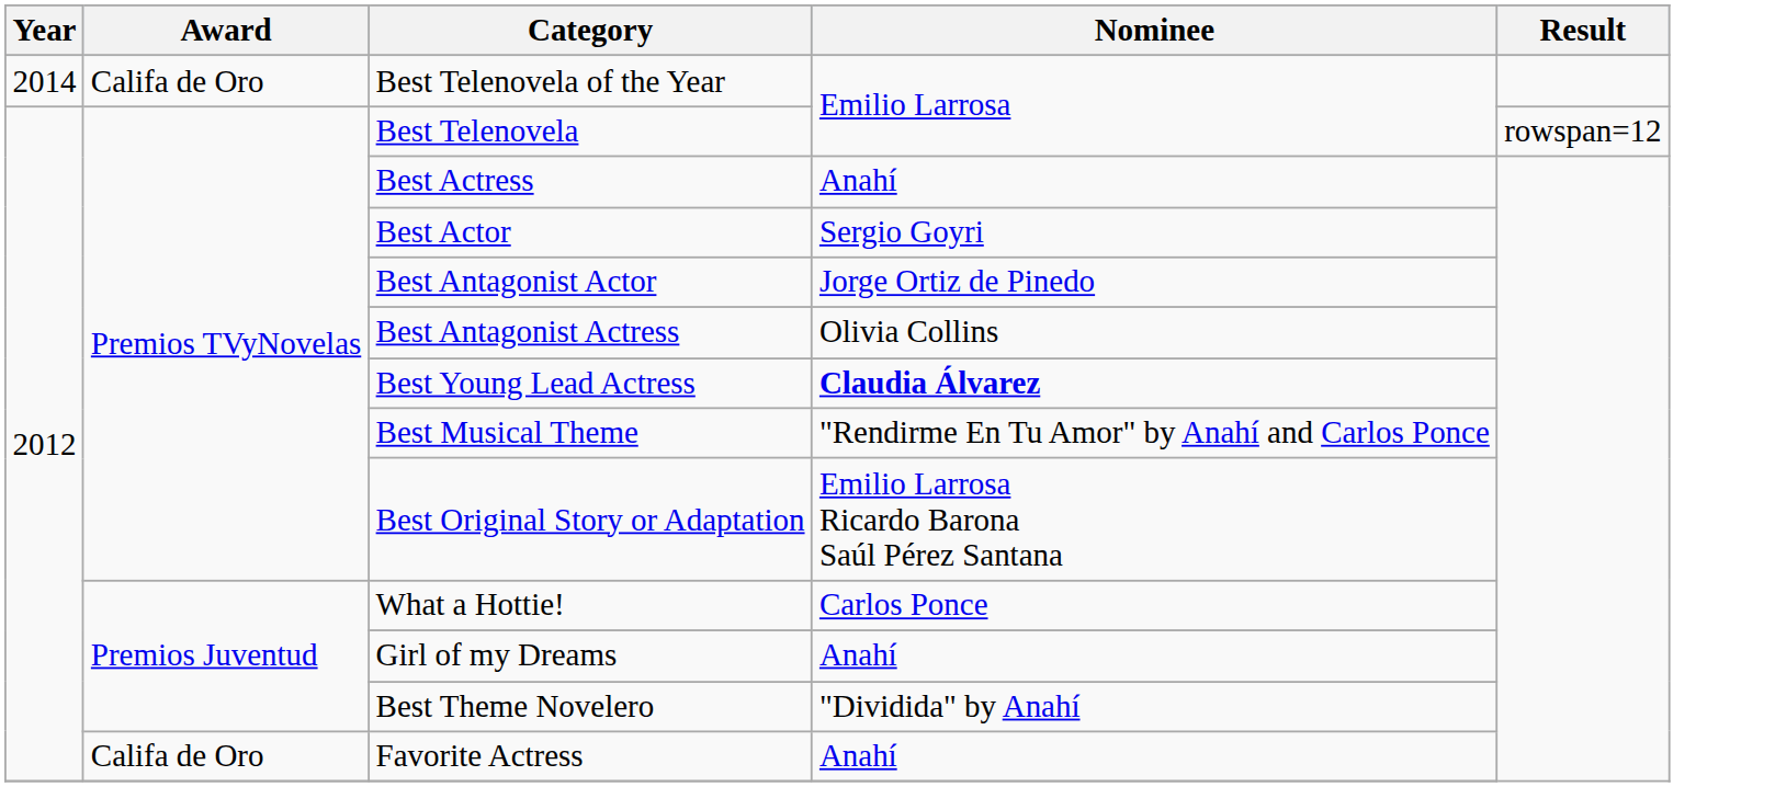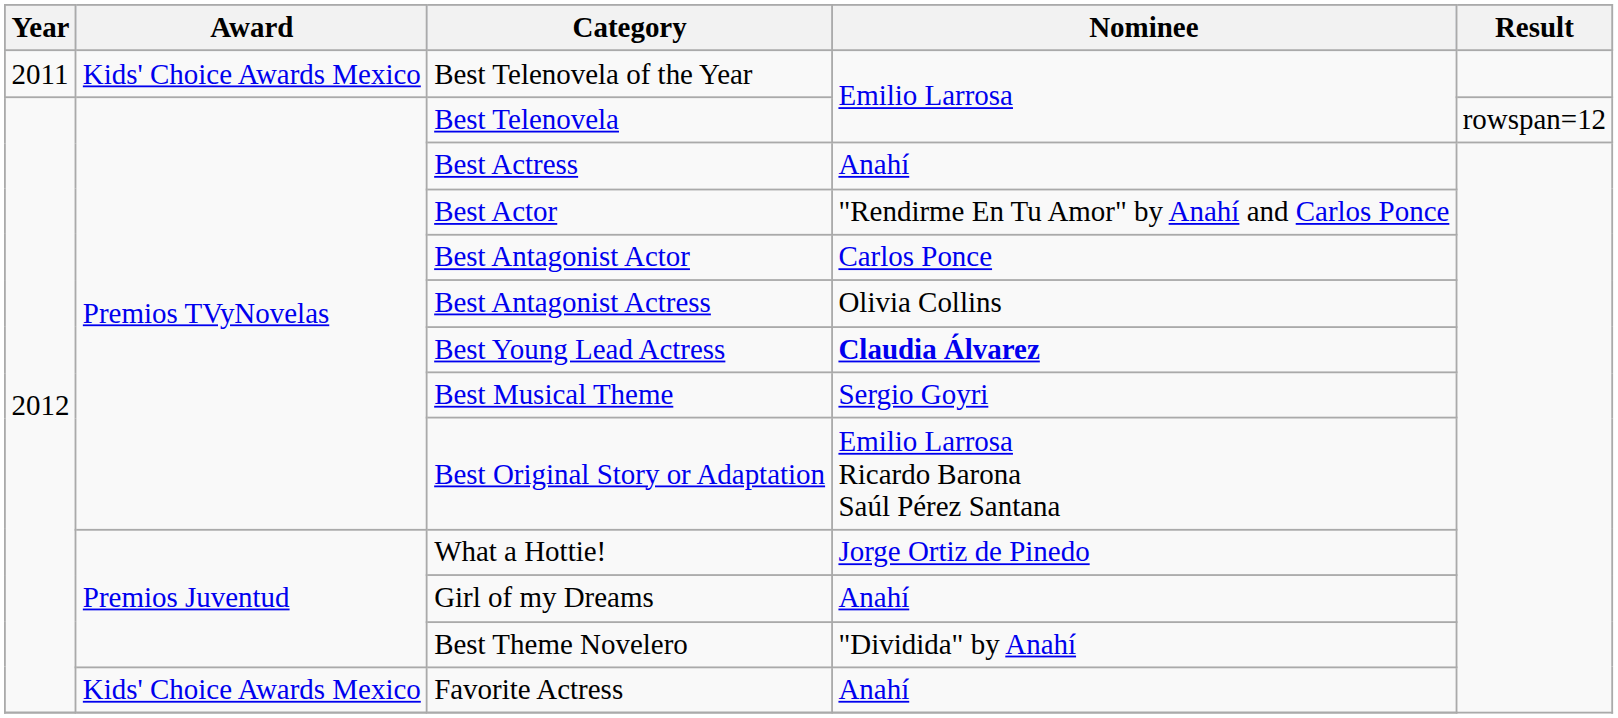 <table class="wikitable">
 <tr style="background:#b0c4de;">
 <th>Year</th>
 <th>Award</th>
 <th>Category</th>
 <th>Nominee</th>
 <th>Result</th>
 </tr>
 <tr>
-<td rowspan="1">2014</td>
-<td rowspan="1">Califa de Oro</td>
+<td rowspan="1">2011</td>
+<td rowspan="1"><a href='#'>Kids' Choice Awards Mexico</a></td>
 <td>Best Telenovela of the Year</td>
 <td rowspan="2"><a href='#'>Emilio Larrosa</a></td>
 <td></td>
 </tr>
 <tr>
 <td rowspan="12">2012</td>
 <td rowspan="8"><a href='#'>Premios TVyNovelas</a></td>
 <td><a href='#'>Best Telenovela</a></td>
 <td>rowspan=12 </td>
 </tr>
 <tr>
 <td><a href='#'>Best Actress</a></td>
 <td><a href='#'>Anahí</a></td>
 </tr>
 <tr>
 <td><a href='#'>Best Actor</a></td>
-<td><a href='#'>Sergio Goyri</a></td>
+<td>"Rendirme En Tu Amor" by <a href='#'>Anahí</a> and <a href='#'>Carlos Ponce</a></td>
 </tr>
 <tr>
 <td><a href='#'>Best Antagonist Actor</a></td>
-<td><a href='#'>Jorge Ortiz de Pinedo</a></td>
+<td><a href='#'>Carlos Ponce</a></td>
 </tr>
 <tr>
 <td><a href='#'>Best Antagonist Actress</a></td>
 <td>Olivia Collins</td>
 </tr>
 <tr>
 <td><a href='#'>Best Young Lead Actress</a></td>
 <td><strong><a href='#'>Claudia Álvarez</a></strong></td>
 </tr>
 <tr>
 <td><a href='#'>Best Musical Theme</a></td>
-<td>"Rendirme En Tu Amor" by <a href='#'>Anahí</a> and <a href='#'>Carlos Ponce</a></td>
+<td><a href='#'>Sergio Goyri</a></td>
 </tr>
 <tr>
 <td><a href='#'>Best Original Story or Adaptation</a></td>
 <td><a href='#'>Emilio Larrosa</a><br>Ricardo Barona<br>Saúl Pérez Santana</td>
 </tr>
 <tr>
 <td rowspan="3"><a href='#'>Premios Juventud</a></td>
 <td>What a Hottie!</td>
-<td><a href='#'>Carlos Ponce</a></td>
+<td><a href='#'>Jorge Ortiz de Pinedo</a></td>
 </tr>
 <tr>
 <td>Girl of my Dreams</td>
 <td><a href='#'>Anahí</a></td>
 </tr>
 <tr>
 <td>Best Theme Novelero</td>
 <td>"Dividida" by <a href='#'>Anahí</a></td>
 </tr>
 <tr>
-<td rowspan="1">Califa de Oro</td>
+<td rowspan="1"><a href='#'>Kids' Choice Awards Mexico</a></td>
 <td>Favorite Actress</td>
 <td><a href='#'>Anahí</a></td>
 </tr>
 <tr>
 </tr>
 </table>
